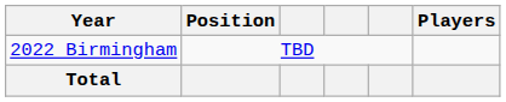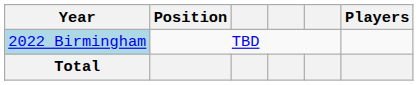 <table class="wikitable" style="text-align: center;">
 <tr>
 <th>Year</th>
 <th>Position</th>
 <th width=25px></th>
 <th width=25px></th>
 <th width=25px></th>
 <th>Players</th>
 </tr>
 <tr>
-<td style="text-align: left;"> <a href='#'>2022 Birmingham</a></td>
+<td style="background: lightblue; text-align: left;"> <a href='#'>2022 Birmingham</a></td>
 <td colspan=4><a href='#'>TBD</a></td>
 <td></td>
 </tr>
 <tr>
 <th>Total</th>
 <th></th>
 <th></th>
 <th></th>
 <th></th>
 <th></th>
 </tr>
 </table>
